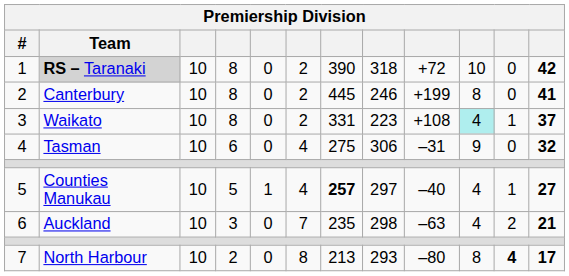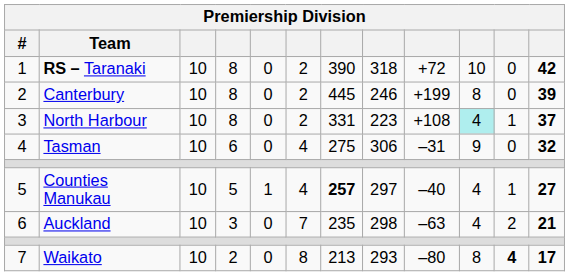 <table class="wikitable" width="550px" style="text-align:center">
 <tr>
 <th colspan="12">Premiership Division</th>
 </tr>
 <tr>
 <th style="width:5%">#</th>
 <th style="width:20%">Team</th>
 <th style="width:5%"></th>
 <th style="width:5%"></th>
 <th style="width:5%"></th>
 <th style="width:5%"></th>
 <th style="width:5%"></th>
 <th style="width:5%"></th>
 <th style="width:7%"></th>
 <th style="width:5%"></th>
 <th style="width:5%"></th>
 <th style="width:5%"></th>
 </tr>
 <tr>
 <td>1</td>
-<td style="background: lightgrey; text-align:left"><strong>RS –</strong> <a href='#'>Taranaki</a></td>
+<td style="text-align:left"><strong>RS –</strong> <a href='#'>Taranaki</a></td>
 <td>10</td>
 <td>8</td>
 <td>0</td>
 <td>2</td>
 <td>390</td>
 <td>318</td>
 <td>+72</td>
 <td>10</td>
 <td>0</td>
 <td><strong>42</strong></td>
 </tr>
 <tr>
 <td>2</td>
 <td style="text-align:left"><a href='#'>Canterbury</a></td>
 <td>10</td>
 <td>8</td>
 <td>0</td>
 <td>2</td>
 <td>445</td>
 <td>246</td>
 <td>+199</td>
 <td>8</td>
 <td>0</td>
-<td><strong>41</strong></td>
+<td><strong>39</strong></td>
 </tr>
 <tr>
 <td>3</td>
-<td style="text-align:left"><a href='#'>Waikato</a></td>
+<td style="text-align:left"><a href='#'>North Harbour</a></td>
 <td>10</td>
 <td>8</td>
 <td>0</td>
 <td>2</td>
 <td>331</td>
 <td>223</td>
 <td>+108</td>
 <td style="background: paleturquoise;">4</td>
 <td>1</td>
 <td><strong>37</strong></td>
 </tr>
 <tr>
 <td>4</td>
 <td style="text-align:left"><a href='#'>Tasman</a></td>
 <td>10</td>
 <td>6</td>
 <td>0</td>
 <td>4</td>
 <td>275</td>
 <td>306</td>
 <td>–31</td>
 <td>9</td>
 <td>0</td>
 <td><strong>32</strong></td>
 </tr>
 <tr>
 <td colspan=12 style="background-color:#DDDDDD"></td>
 </tr>
 <tr>
 <td>5</td>
 <td style="text-align:left"><a href='#'>Counties Manukau</a></td>
 <td>10</td>
 <td>5</td>
 <td>1</td>
 <td>4</td>
 <td><strong>257</strong></td>
 <td>297</td>
 <td>–40</td>
 <td>4</td>
 <td>1</td>
 <td><strong>27</strong></td>
 </tr>
 <tr>
 <td>6</td>
 <td style="text-align:left"><a href='#'>Auckland</a></td>
 <td>10</td>
 <td>3</td>
 <td>0</td>
 <td>7</td>
 <td>235</td>
 <td>298</td>
 <td>–63</td>
 <td>4</td>
 <td>2</td>
 <td><strong>21</strong></td>
 </tr>
 <tr>
 <td colspan=12 style="background-color:#DDDDDD"></td>
 </tr>
 <tr>
 <td>7</td>
-<td style="text-align:left"><a href='#'>North Harbour</a></td>
+<td style="text-align:left"><a href='#'>Waikato</a></td>
 <td>10</td>
 <td>2</td>
 <td>0</td>
 <td>8</td>
 <td>213</td>
 <td>293</td>
 <td>–80</td>
 <td>8</td>
 <td><strong>4</strong></td>
 <td><strong>17</strong></td>
 </tr>
 </table>
